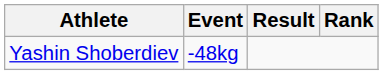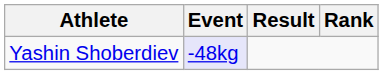 <table class="wikitable">
 <tr>
 <th>Athlete</th>
 <th>Event</th>
 <th>Result</th>
 <th>Rank</th>
 </tr>
 <tr align=center>
 <td align=left><a href='#'>Yashin Shoberdiev</a></td>
-<td align=left><a href='#'>-48kg</a></td>
+<td align=left style="background: lavender;"><a href='#'>-48kg</a></td>
 <td colspan="2"></td>
 </tr>
 </table>
